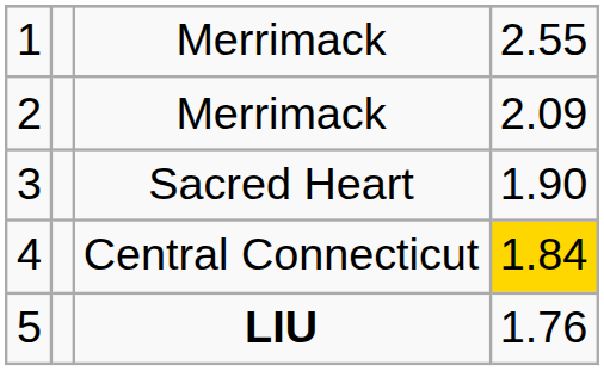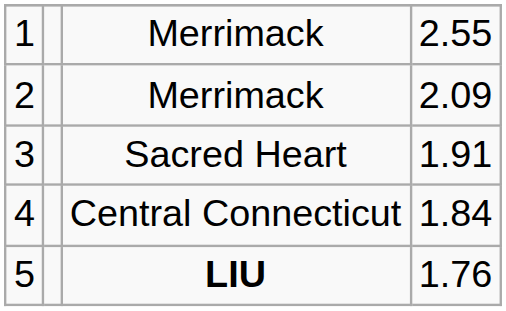 <table class="wikitable sortable" style="text-align:center" style="font-size:90%;">
 <tr>
 </tr>
 <tr>
 <td>1</td>
 <td></td>
 <td>Merrimack</td>
 <td>2.55</td>
 </tr>
 <tr>
 <td>2</td>
 <td></td>
 <td>Merrimack</td>
 <td>2.09</td>
 </tr>
 <tr>
 <td>3</td>
 <td></td>
 <td>Sacred Heart</td>
-<td>1.90</td>
+<td>1.91</td>
 </tr>
 <tr>
 <td>4</td>
 <td></td>
 <td>Central Connecticut</td>
-<td style="background: gold;">1.84</td>
+<td>1.84</td>
 </tr>
 <tr>
 <td>5</td>
 <td></td>
 <td><strong>LIU</strong></td>
 <td>1.76</td>
 </tr>
 </table>
